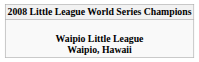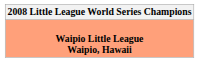 <table class="wikitable" style="text-align: center; margin: 0 auto;">
 <tr>
 <th>2008 Little League World Series Champions</th>
 </tr>
 <tr>
-<td> <br><strong>Waipio Little League</strong><br><strong>Waipio, Hawaii</strong></td>
+<td style="background: lightsalmon;"> <br><strong>Waipio Little League</strong><br><strong>Waipio, Hawaii</strong></td>
 </tr>
 </table>
